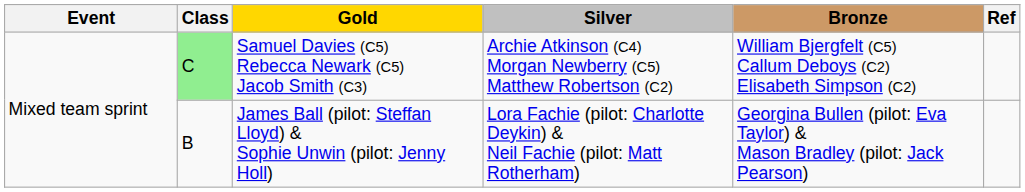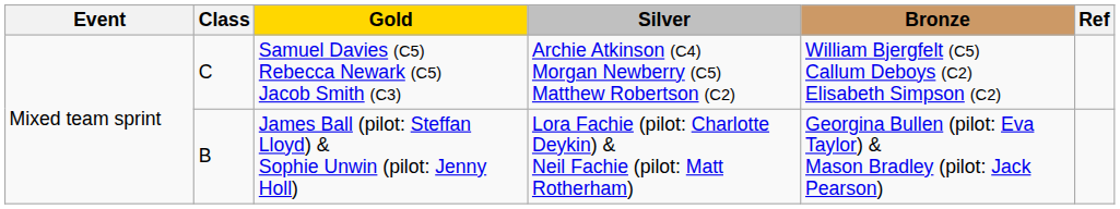 <table class="wikitable" style="font-size: 100%">
 <tr>
 <th width=150>Event</th>
 <th width=20>Class</th>
 <th width=220 style="background-color: gold;">Gold</th>
 <th width=220 style="background-color: silver;">Silver</th>
 <th width=220 style="background-color: #cc9966;">Bronze</th>
 <th width=20>Ref</th>
 </tr>
 <tr>
 <td rowspan=2>Mixed team sprint</td>
-<td style="background: lightgreen;">C</td>
+<td>C</td>
 <td><a href='#'>Samuel Davies</a> <small>(C5)</small><br><a href='#'>Rebecca Newark</a> <small>(C5)</small><br><a href='#'>Jacob Smith</a> <small>(C3)</small></td>
 <td><a href='#'>Archie Atkinson</a> <small>(C4)</small><br><a href='#'>Morgan Newberry</a> <small>(C5)</small><br><a href='#'>Matthew Robertson</a> <small>(C2)</small></td>
 <td><a href='#'>William Bjergfelt</a> <small>(C5)</small><br><a href='#'>Callum Deboys</a> <small>(C2)</small><br><a href='#'>Elisabeth Simpson</a> <small>(C2)</small></td>
 <td></td>
 </tr>
 <tr>
 <td>B</td>
 <td><a href='#'>James Ball</a> (pilot: <a href='#'>Steffan Lloyd</a>) &<br><a href='#'>Sophie Unwin</a> (pilot: <a href='#'>Jenny Holl</a>)</td>
 <td><a href='#'>Lora Fachie</a> (pilot: <a href='#'>Charlotte Deykin</a>) &<br><a href='#'>Neil Fachie</a> (pilot: <a href='#'>Matt Rotherham</a>)</td>
 <td><a href='#'>Georgina Bullen</a> (pilot: <a href='#'>Eva Taylor</a>) &<br><a href='#'>Mason Bradley</a> (pilot: <a href='#'>Jack Pearson</a>)</td>
 <td></td>
 </tr>
 </table>
